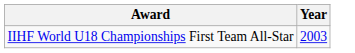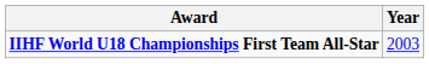 <table class="wikitable">
 <tr>
 <th>Award</th>
 <th>Year</th>
 </tr>
 <tr>
-<td><a href='#'>IIHF World U18 Championships</a> First Team All-Star</td>
+<td><strong><a href='#'>IIHF World U18 Championships</a> First Team All-Star</strong></td>
 <td><a href='#'>2003</a></td>
 </tr>
 </table>
